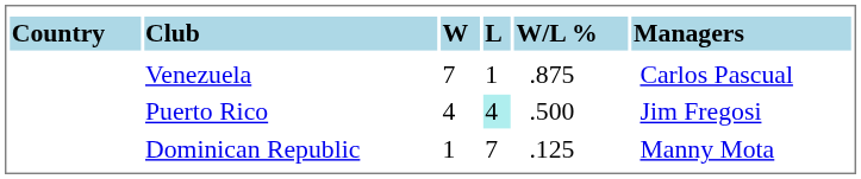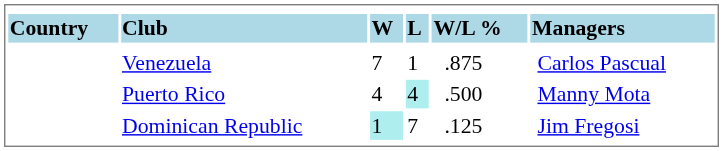 <table cellpadding="1" width="500px" style="font-size: 95%; border: 1px solid gray;">
 <tr align="center" style="font-size: larger;">
 <td colspan=6></td>
 </tr>
 <tr style="background:lightblue;">
 <td><strong>Country</strong></td>
 <td><strong>Club</strong></td>
 <td><strong>W</strong></td>
 <td><strong>L</strong></td>
 <td><strong>W/L %</strong></td>
 <td><strong>Managers</strong></td>
 </tr>
 <tr align="center" style="vertical-align: middle;" style="background:lightblue;">
 </tr>
 <tr>
 <td></td>
 <td><a href='#'>Venezuela</a></td>
 <td>7</td>
 <td>1</td>
 <td>  .875</td>
 <td> <a href='#'>Carlos Pascual</a></td>
 </tr>
 <tr>
 <td></td>
 <td><a href='#'>Puerto Rico</a></td>
 <td>4</td>
 <td style="background: paleturquoise;">4</td>
 <td>  .500</td>
-<td> <a href='#'>Jim Fregosi</a></td>
+<td> <a href='#'>Manny Mota</a></td>
 </tr>
 <tr>
 <td></td>
 <td><a href='#'>Dominican Republic</a></td>
-<td>1</td>
+<td style="background: paleturquoise;">1</td>
 <td>7</td>
 <td>  .125</td>
-<td> <a href='#'>Manny Mota</a></td>
+<td> <a href='#'>Jim Fregosi</a></td>
 </tr>
 <tr>
 </tr>
 </table>
